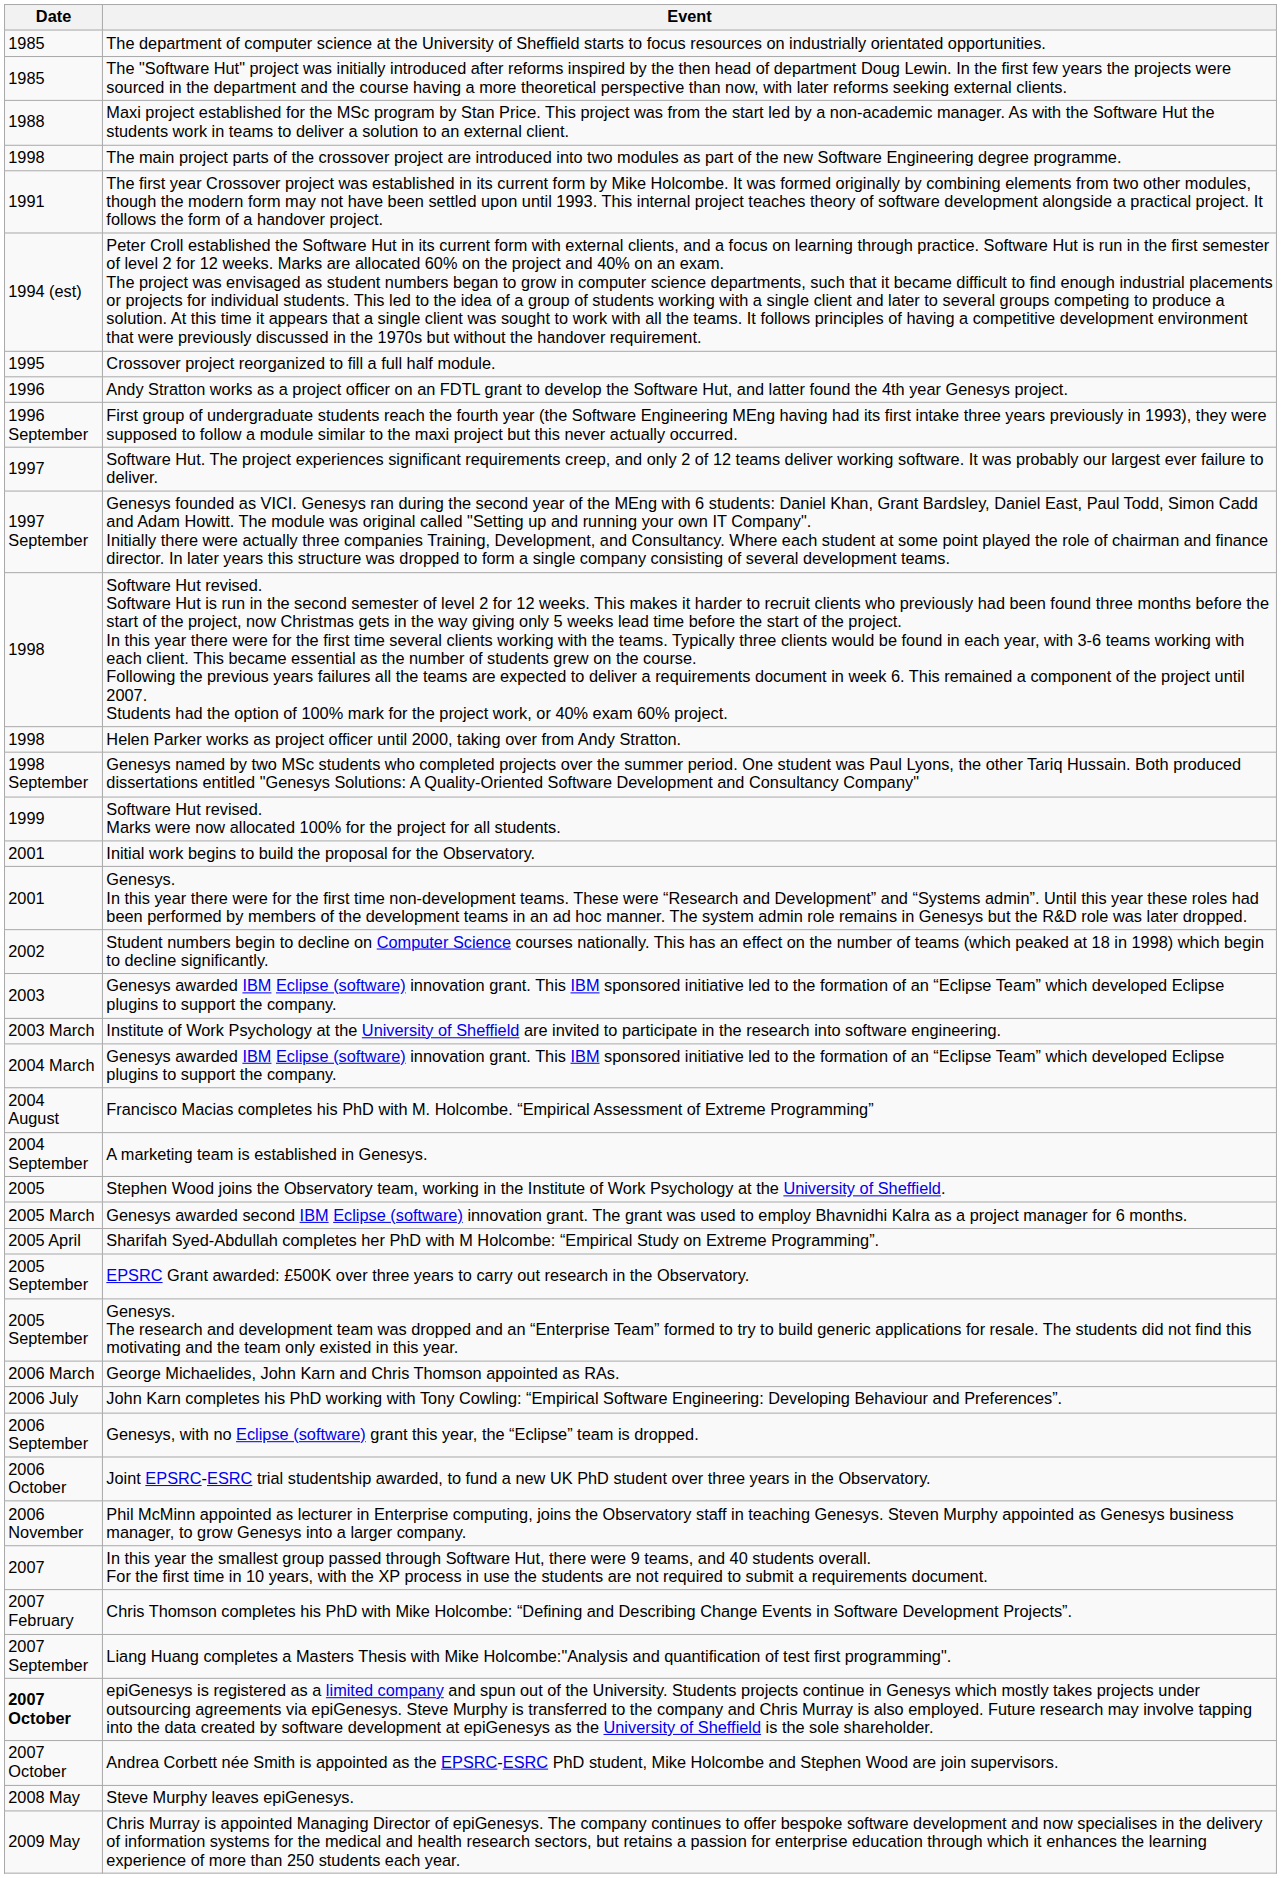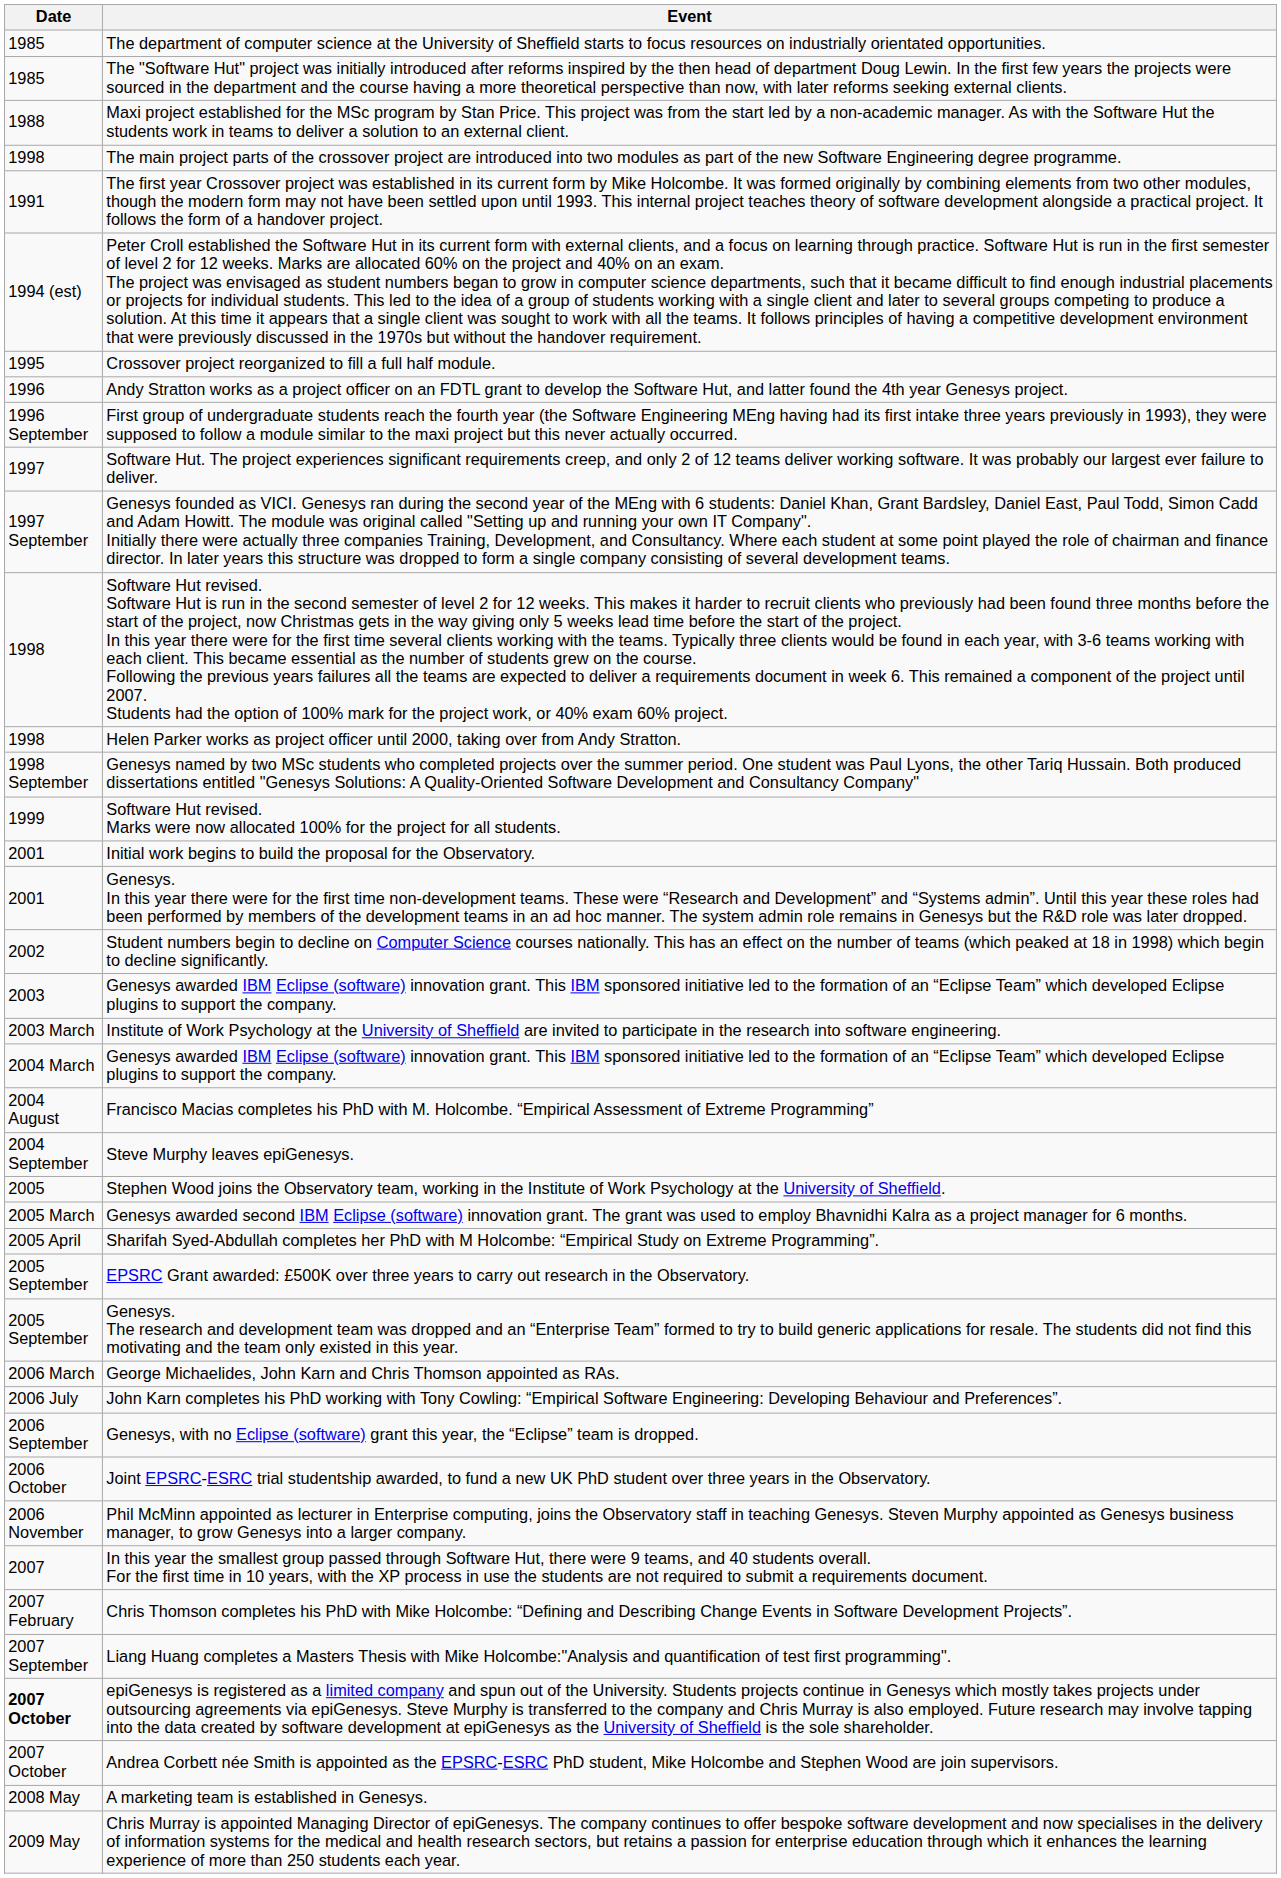 <table class="wikitable sortable">
 <tr>
 <th>Date</th>
 <th class="unsortable">Event</th>
 </tr>
 <tr valign="top">
 <td>1985</td>
 <td>The department of computer science at the University of Sheffield starts to focus resources on industrially orientated opportunities.</td>
 </tr>
 <tr>
 <td>1985</td>
 <td>The "Software Hut" project was initially introduced after reforms inspired by the then head of department Doug Lewin. In the first few years the projects were sourced in the department and the course having a more theoretical perspective than now, with later reforms seeking external clients.</td>
 </tr>
 <tr>
 <td>1988</td>
 <td>Maxi project established for the MSc program by Stan Price. This project was from the start led by a non-academic manager. As with the Software Hut the students work in teams to deliver a solution to an external client.</td>
 </tr>
 <tr>
 <td>1998</td>
 <td>The main project parts of the crossover project are introduced into two modules as part of the new Software Engineering degree programme.</td>
 </tr>
 <tr>
 <td>1991</td>
 <td>The first year Crossover project was established in its current form by Mike Holcombe.  It was formed originally by combining elements from two other modules, though the modern form may not have been settled upon until 1993. This internal project teaches theory of software development alongside a practical project. It follows the form of a handover project.</td>
 </tr>
 <tr>
 <td>1994 (est)</td>
 <td>Peter Croll established the Software Hut in its current form with external clients, and a focus on learning through practice. Software Hut is run in the first semester of level 2 for 12 weeks. Marks are allocated 60% on the project and 40% on an exam.<br>The project was envisaged as student numbers began to grow in computer science departments, such that it became difficult to find enough industrial placements or projects for individual students. This led to the idea of a group of students working with a single client and later to several groups competing to produce a solution. At this time it appears that a single client was sought to work with all the teams. It follows principles of having a competitive development environment that were previously discussed in the 1970s but without the handover requirement.</td>
 </tr>
 <tr>
 <td>1995</td>
 <td>Crossover project reorganized to fill a full half module.</td>
 </tr>
 <tr>
 <td>1996</td>
 <td>Andy Stratton works as a project officer on an FDTL grant to develop the Software Hut, and latter found the 4th year Genesys project.</td>
 </tr>
 <tr>
 <td>1996 September</td>
 <td>First group of undergraduate students reach the fourth year (the Software Engineering MEng having had its first intake three years previously in 1993), they were supposed to follow a module similar to the maxi project but this never actually occurred.</td>
 </tr>
 <tr>
 <td>1997</td>
 <td>Software Hut. The project experiences significant requirements creep, and only 2 of 12 teams deliver working software. It was probably our largest ever failure to deliver.</td>
 </tr>
 <tr>
 <td>1997 September</td>
 <td>Genesys founded as VICI. Genesys ran during the second year of the MEng with 6 students: Daniel Khan, Grant Bardsley, Daniel East, Paul Todd, Simon Cadd and Adam Howitt. The module was original called "Setting up and running your own IT Company".<br>Initially there were actually three companies Training, Development, and Consultancy. Where each student at some point played the role of chairman and finance director. In later years this structure was dropped to form a single company consisting of several development teams.</td>
 </tr>
 <tr>
 <td>1998</td>
 <td>Software Hut revised.<br>Software Hut is run in the second semester of level 2 for 12 weeks. This makes it harder to recruit clients  who previously had been found three months before the start of the project, now Christmas gets in the way giving only 5 weeks lead time before the start of the project.<br>In this year there were for the first time several clients working with the teams. Typically three clients would be found in each year, with 3-6 teams working with each client. This became essential as the number of students grew on the course.<br>Following the previous years failures all the teams are expected to deliver a requirements document in week 6. This remained a component of the project until 2007.<br>Students had the option of 100% mark for the project work, or 40% exam 60% project.</td>
 </tr>
 <tr>
 <td>1998</td>
 <td>Helen Parker works as project officer until 2000, taking over from Andy Stratton.</td>
 </tr>
 <tr>
 <td>1998 September</td>
 <td>Genesys named by two MSc students who completed projects over the summer period. One student was Paul Lyons, the other Tariq Hussain. Both produced dissertations entitled "Genesys Solutions: A Quality-Oriented Software Development and Consultancy Company"</td>
 </tr>
 <tr>
 <td>1999</td>
 <td>Software Hut revised.<br>Marks were now allocated 100% for the project for all students. <br></td>
 </tr>
 <tr>
 <td>2001</td>
 <td>Initial work begins to build the proposal for the Observatory.</td>
 </tr>
 <tr>
 <td>2001</td>
 <td>Genesys.<br>In this year there were for the first time non-development teams. These were “Research and Development” and “Systems admin”. Until this year these roles had been performed by members of the development teams in an ad hoc manner. The system admin role remains in Genesys but the R&D role was later dropped.</td>
 </tr>
 <tr>
 <td>2002</td>
 <td>Student numbers begin to decline on <a href='#'>Computer Science</a> courses nationally. This has an effect on the number of teams (which peaked at 18 in 1998) which begin to decline significantly.</td>
 </tr>
 <tr>
 <td>2003</td>
 <td>Genesys awarded <a href='#'>IBM</a> <a href='#'>Eclipse (software)</a> innovation grant. This <a href='#'>IBM</a> sponsored initiative led to the formation of an “Eclipse Team” which developed Eclipse plugins to support the company.</td>
 </tr>
 <tr>
 <td>2003 March</td>
 <td>Institute of Work Psychology at the <a href='#'>University of Sheffield</a> are invited to participate in the research into software engineering.</td>
 </tr>
 <tr>
 <td>2004 March</td>
 <td>Genesys awarded <a href='#'>IBM</a> <a href='#'>Eclipse (software)</a> innovation grant. This <a href='#'>IBM</a> sponsored initiative led to the formation of an “Eclipse Team” which developed Eclipse plugins to support the company.</td>
 </tr>
 <tr>
 <td>2004 August</td>
 <td>Francisco Macias completes his PhD with M. Holcombe. “Empirical Assessment of Extreme Programming”</td>
 </tr>
 <tr>
 <td>2004 September</td>
-<td>A marketing team is established in Genesys.</td>
+<td>Steve Murphy leaves epiGenesys.</td>
 </tr>
 <tr>
 <td>2005</td>
 <td>Stephen Wood joins the Observatory team, working in the Institute of Work Psychology at the <a href='#'>University of Sheffield</a>.</td>
 </tr>
 <tr>
 <td>2005 March</td>
 <td>Genesys awarded second <a href='#'>IBM</a> <a href='#'>Eclipse (software)</a> innovation grant. The grant was used to employ Bhavnidhi Kalra as a project manager for 6 months.</td>
 </tr>
 <tr>
 <td>2005 April</td>
 <td>Sharifah Syed-Abdullah completes her PhD with M Holcombe: “Empirical Study on Extreme Programming”.</td>
 </tr>
 <tr>
 <td>2005 September</td>
 <td><a href='#'>EPSRC</a> Grant awarded: £500K over three years to carry out research in the Observatory.</td>
 </tr>
 <tr>
 <td>2005 September</td>
 <td>Genesys.<br>The research and development team was dropped and an “Enterprise Team” formed to try to build generic applications for resale. The students did not find this motivating and the team only existed in this year.</td>
 </tr>
 <tr>
 <td>2006 March</td>
 <td>George Michaelides, John Karn and Chris Thomson appointed as RAs.</td>
 </tr>
 <tr>
 <td>2006 July</td>
 <td>John Karn completes his PhD working with Tony Cowling: “Empirical Software Engineering: Developing Behaviour and Preferences”.</td>
 </tr>
 <tr>
 <td>2006 September</td>
 <td>Genesys, with no <a href='#'>Eclipse (software)</a> grant this year, the “Eclipse” team is dropped.</td>
 </tr>
 <tr>
 <td>2006 October</td>
 <td>Joint <a href='#'>EPSRC</a>-<a href='#'>ESRC</a> trial studentship awarded, to fund a new UK PhD student over three years in the Observatory.</td>
 </tr>
 <tr>
 <td>2006 November</td>
 <td>Phil McMinn appointed as lecturer in Enterprise computing, joins the Observatory staff in teaching Genesys. Steven Murphy appointed as Genesys business manager, to grow Genesys into a larger company.</td>
 </tr>
 <tr>
 <td>2007</td>
 <td>In this year the smallest group passed through Software Hut, there were 9 teams, and 40 students overall.<br>For the first time in 10 years, with the XP process in use the students are not required to submit a requirements document.</td>
 </tr>
 <tr>
 <td>2007 February</td>
 <td>Chris Thomson completes his PhD with Mike Holcombe: “Defining and Describing Change Events in Software Development Projects”.</td>
 </tr>
 <tr>
 <td>2007 September</td>
 <td>Liang Huang completes a Masters Thesis with Mike Holcombe:"Analysis and quantification of test first programming".</td>
 </tr>
 <tr>
 <td><strong>2007 October</strong></td>
 <td>epiGenesys is registered as a <a href='#'>limited company</a> and spun out of the University. Students projects continue in Genesys which mostly takes projects under outsourcing agreements via epiGenesys. Steve Murphy is transferred to the company and Chris Murray is also employed. Future research may involve tapping into the data created by software development at epiGenesys as the <a href='#'>University of Sheffield</a> is the sole shareholder.</td>
 </tr>
 <tr>
 <td>2007 October</td>
 <td>Andrea Corbett née Smith is appointed as the <a href='#'>EPSRC</a>-<a href='#'>ESRC</a> PhD student, Mike Holcombe and Stephen Wood are join supervisors.</td>
 </tr>
 <tr>
 <td>2008 May</td>
-<td>Steve Murphy leaves epiGenesys.</td>
+<td>A marketing team is established in Genesys.</td>
 </tr>
 <tr>
 <td>2009 May</td>
 <td>Chris Murray is appointed Managing Director of epiGenesys. The company continues to offer bespoke software development and now specialises in the delivery of information systems for the medical and health research sectors, but retains a passion for enterprise education through which it enhances the learning experience of more than 250 students each year.</td>
 </tr>
 </table>
